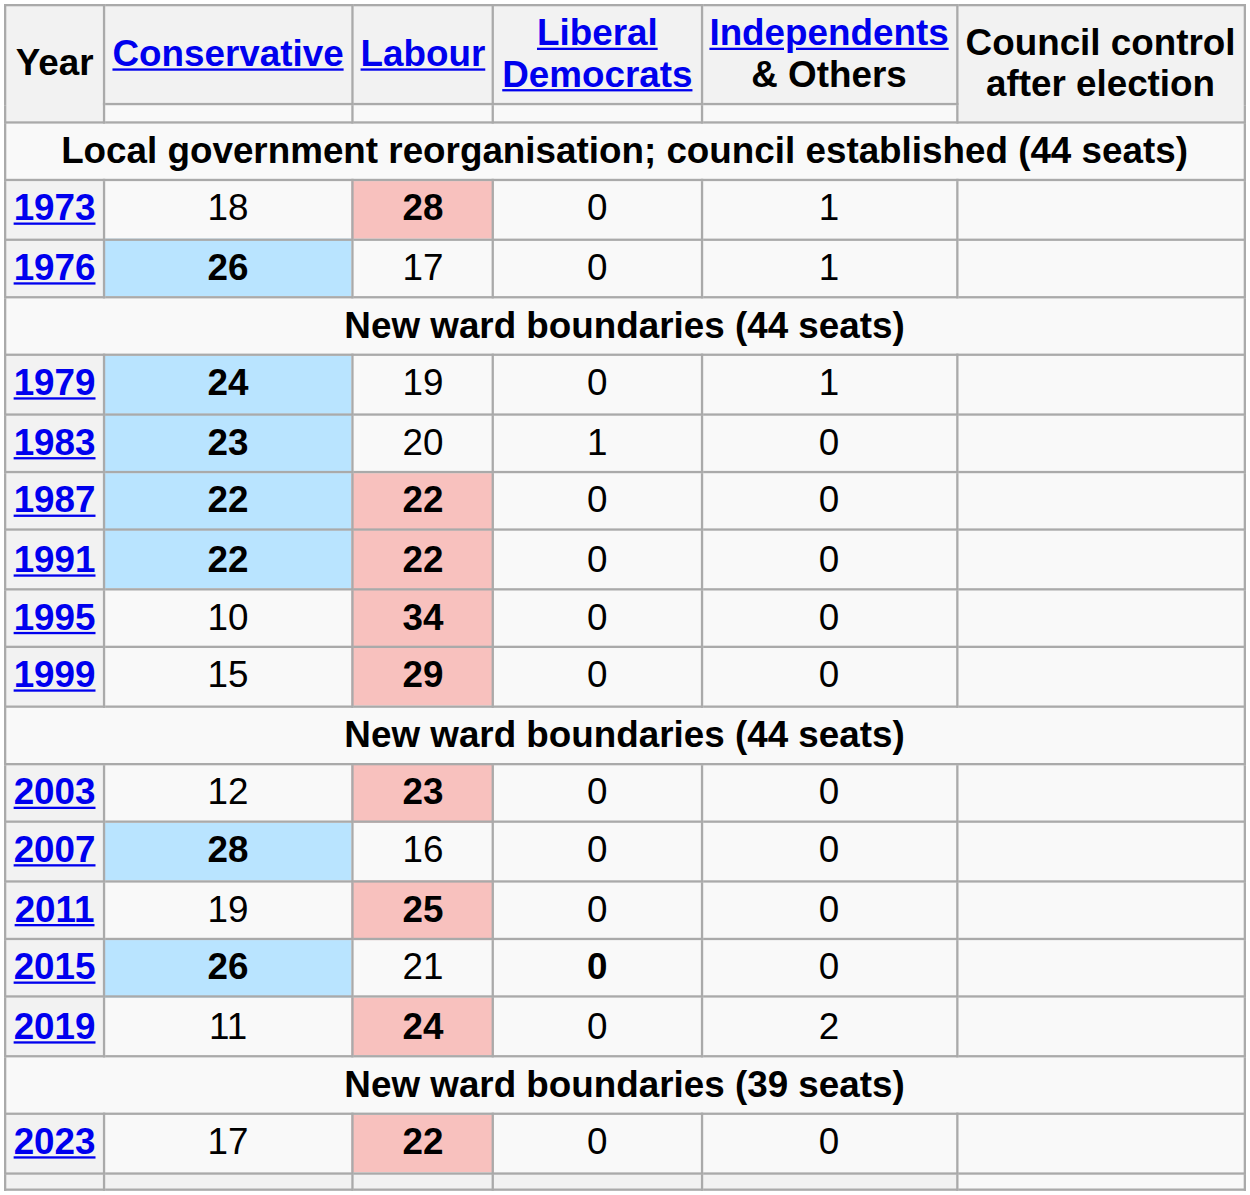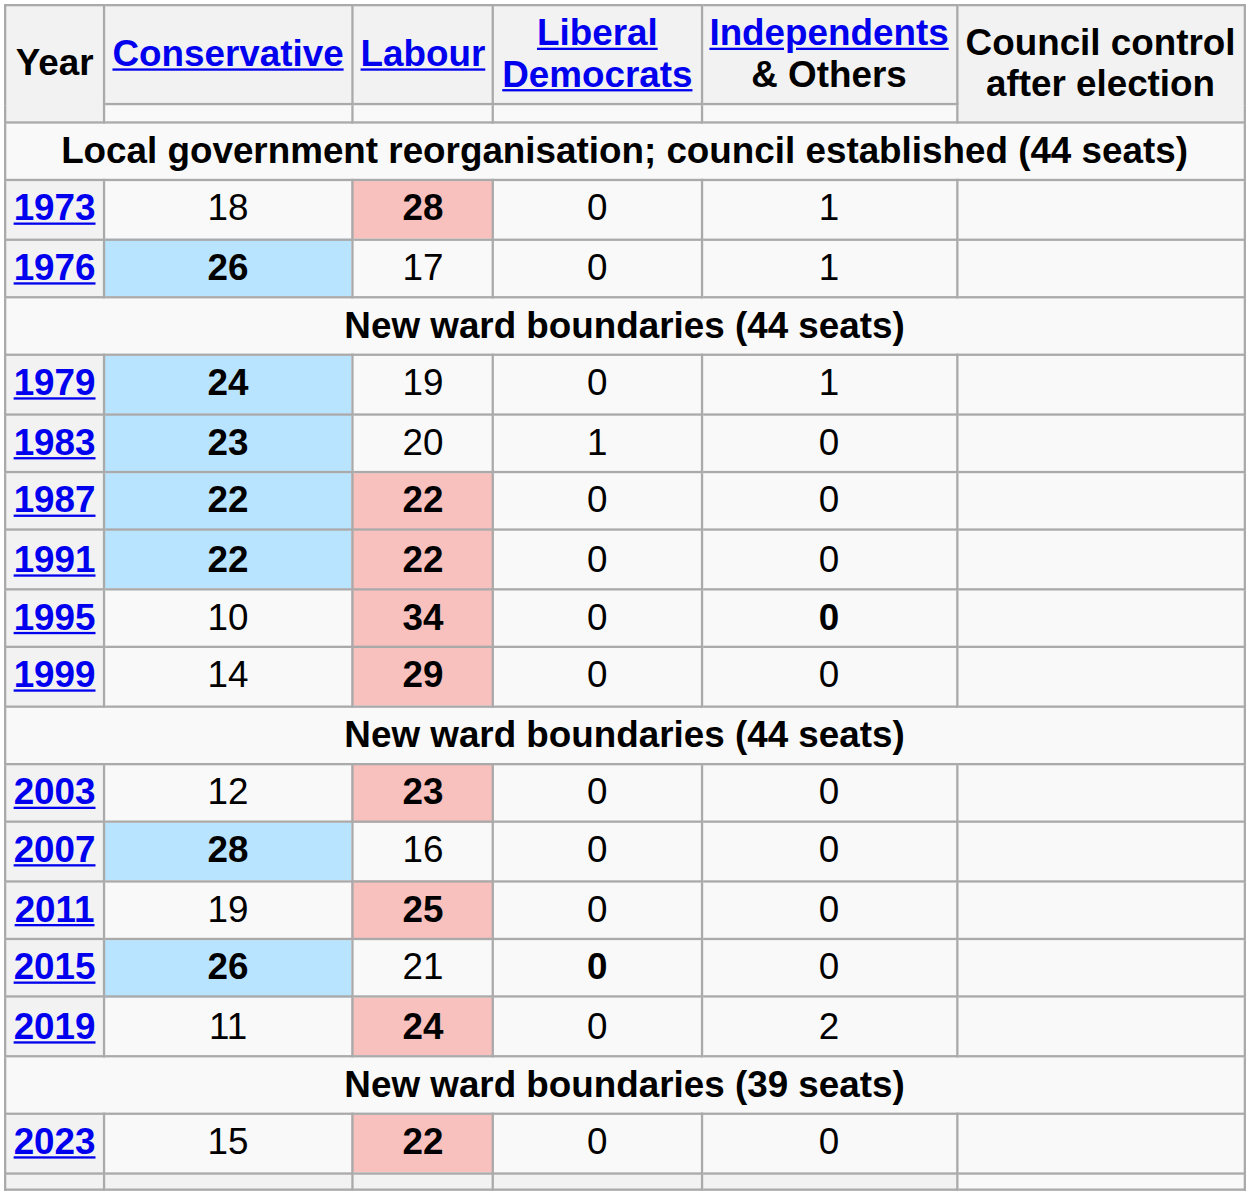 <table class="wikitable plainrowheaders" style="text-align:center">
 <tr>
 <th scope="col" rowspan="2">Year</th>
 <th scope="col"><a href='#'>Conservative</a></th>
 <th scope="col"><a href='#'>Labour</a></th>
 <th scope="col" style="width:1px"><a href='#'>Liberal Democrats</a></th>
 <th scope="col"><a href='#'>Independents</a><br>& Others</th>
 <th scope="col" rowspan="2" colspan="2">Council control<br>after election</th>
 </tr>
 <tr>
 <td style="background:"></td>
 <td style="background:"></td>
 <td style="background:"></td>
 <td style="background:"></td>
 </tr>
 <tr>
 <td colspan="9"><strong>Local government reorganisation; council established (44 seats)</strong></td>
 </tr>
 <tr>
 <th scope="row"><a href='#'>1973</a></th>
 <td>18</td>
 <td style="background:#F8C1BE;"><strong>28</strong></td>
 <td>0</td>
 <td>1</td>
 <td></td>
 </tr>
 <tr>
 <th scope="row"><a href='#'>1976</a></th>
 <td style="background:#B9E4FF;"><strong>26</strong></td>
 <td>17</td>
 <td>0</td>
 <td>1</td>
 <td></td>
 </tr>
 <tr>
 <td colspan="9"><strong>New ward boundaries (44 seats)</strong></td>
 </tr>
 <tr>
 <th scope="row"><a href='#'>1979</a></th>
 <td style="background:#B9E4FF;"><strong>24</strong></td>
 <td>19</td>
 <td>0</td>
 <td>1</td>
 <td></td>
 </tr>
 <tr>
 <th scope="row"><a href='#'>1983</a></th>
 <td style="background:#B9E4FF;"><strong>23</strong></td>
 <td>20</td>
 <td>1</td>
 <td>0</td>
 <td></td>
 </tr>
 <tr>
 <th scope="row"><a href='#'>1987</a></th>
 <td style="background:#B9E4FF;"><strong>22</strong></td>
 <td style="background:#F8C1BE;"><strong>22</strong></td>
 <td>0</td>
 <td>0</td>
 <td></td>
 </tr>
 <tr>
 <th scope="row"><a href='#'>1991</a></th>
 <td style="background:#B9E4FF;"><strong>22</strong></td>
 <td style="background:#F8C1BE;"><strong>22</strong></td>
 <td>0</td>
 <td>0</td>
 <td></td>
 </tr>
 <tr>
 <th scope="row"><a href='#'>1995</a></th>
 <td>10</td>
 <td style="background:#F8C1BE;"><strong>34</strong></td>
 <td>0</td>
-<td>0</td>
+<td><strong>0</strong></td>
 <td></td>
 </tr>
 <tr>
 <th scope="row"><a href='#'>1999</a></th>
-<td>15</td>
+<td>14</td>
 <td style="background:#F8C1BE;"><strong>29</strong></td>
 <td>0</td>
 <td>0</td>
 <td></td>
 </tr>
 <tr>
 <td colspan="9"><strong>New ward boundaries (44 seats)</strong></td>
 </tr>
 <tr>
 <th scope="row"><a href='#'>2003</a></th>
 <td>12</td>
 <td style="background:#F8C1BE;"><strong>23</strong></td>
 <td>0</td>
 <td>0</td>
 <td></td>
 </tr>
 <tr>
 <th scope="row"><a href='#'>2007</a></th>
 <td style="background:#B9E4FF;"><strong>28</strong></td>
 <td>16</td>
 <td>0</td>
 <td>0</td>
 <td></td>
 </tr>
 <tr>
 <th scope="row"><a href='#'>2011</a></th>
 <td>19</td>
 <td style="background:#F8C1BE;"><strong>25</strong></td>
 <td>0</td>
 <td>0</td>
 <td></td>
 </tr>
 <tr>
 <th scope="row"><a href='#'>2015</a></th>
 <td style="background:#B9E4FF;"><strong>26</strong></td>
 <td>21</td>
 <td><strong>0</strong></td>
 <td>0</td>
 <td></td>
 </tr>
 <tr>
 <th scope="row"><a href='#'>2019</a></th>
 <td>11</td>
 <td style="background:#F8C1BE;"><strong>24</strong></td>
 <td>0</td>
 <td>2</td>
 <td></td>
 </tr>
 <tr>
 <td colspan="9"><strong>New ward boundaries (39 seats)</strong></td>
 </tr>
 <tr>
 <th scope="row"><a href='#'>2023</a></th>
-<td>17</td>
+<td>15</td>
 <td style="background:#F8C1BE;"><strong>22</strong></td>
 <td>0</td>
 <td>0</td>
 <td></td>
 </tr>
 <tr>
 <th></th>
 <th style="background-color: "></th>
 <th style="background-color: "></th>
 <th style="background-color: "></th>
 <th style="background-color: "></th>
 </tr>
 </table>
